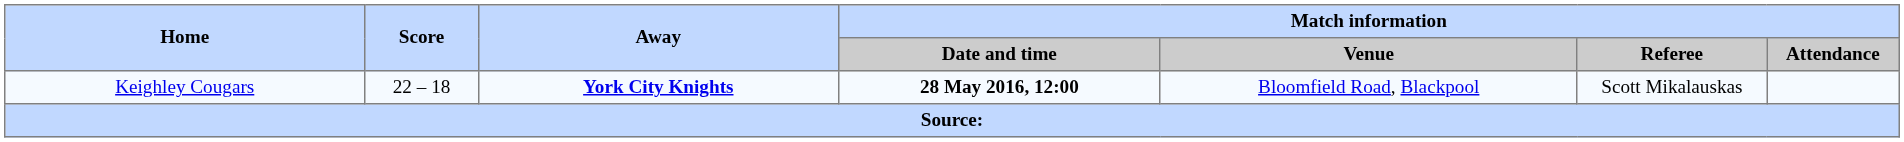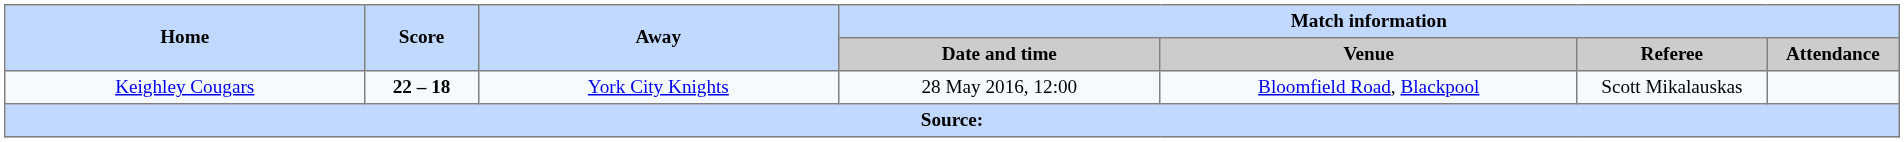 <table border=1 style="border-collapse:collapse; font-size:80%; text-align:center;" cellpadding=3 cellspacing=0 width=100%>
 <tr bgcolor=#C1D8FF>
 <th rowspan=2 width=19%>Home</th>
 <th rowspan=2 width=6%>Score</th>
 <th rowspan=2 width=19%>Away</th>
 <th colspan=6>Match information</th>
 </tr>
 <tr bgcolor=#CCCCCC>
 <th width=17%>Date and time</th>
 <th width=22%>Venue</th>
 <th width=10%>Referee</th>
 <th width=7%>Attendance</th>
 </tr>
 <tr bgcolor=#F5FAFF>
 <td> <a href='#'>Keighley Cougars</a></td>
-<td>22 – 18</td>
-<td><strong> <a href='#'>York City Knights</a></strong></td>
-<td><strong>28 May 2016, 12:00</strong></td>
+<td><strong>22 – 18</strong></td>
+<td> <a href='#'>York City Knights</a></td>
+<td>28 May 2016, 12:00</td>
 <td><a href='#'>Bloomfield Road</a>, <a href='#'>Blackpool</a></td>
 <td>Scott Mikalauskas</td>
 <td></td>
 </tr>
 <tr style="background:#c1d8ff;">
 <th colspan=12>Source:</th>
 </tr>
 </table>
